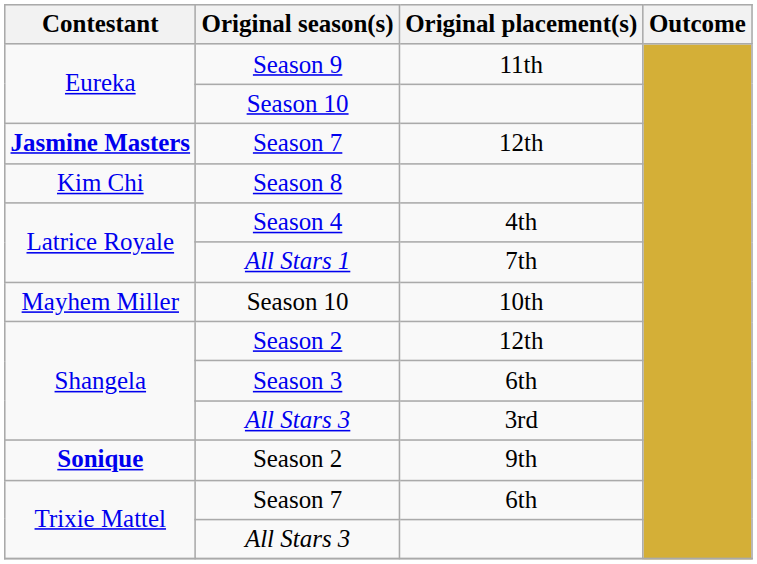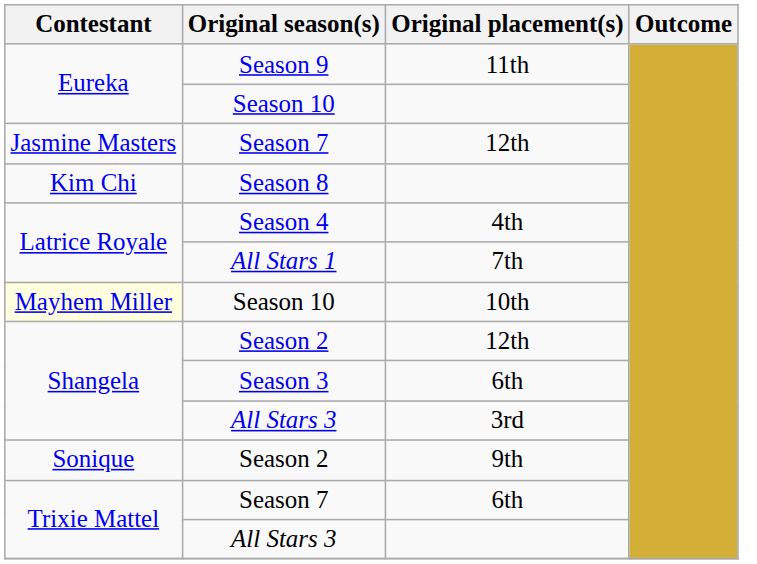 <table class="wikitable sortable" style="text-align:center;">
 <tr>
 <th>Contestant</th>
 <th>Original season(s)</th>
 <th>Original placement(s)</th>
 <th>Outcome</th>
 </tr>
 <tr>
 <td rowspan="2"><a href='#'>Eureka</a></td>
 <td><a href='#'>Season 9</a></td>
 <td>11th</td>
 <td bgcolor="#D4AF37" rowspan="13"></td>
 </tr>
 <tr>
 <td nowrap><a href='#'>Season 10</a></td>
 <td></td>
 </tr>
 <tr>
-<td nowrap><strong><a href='#'>Jasmine Masters</a></strong></td>
+<td nowrap><a href='#'>Jasmine Masters</a></td>
 <td><a href='#'>Season 7</a></td>
 <td>12th</td>
 </tr>
 <tr>
 <td><a href='#'>Kim Chi</a></td>
 <td><a href='#'>Season 8</a></td>
 <td></td>
 </tr>
 <tr>
 <td rowspan="2"><a href='#'>Latrice Royale</a></td>
 <td><a href='#'>Season 4</a></td>
 <td>4th</td>
 </tr>
 <tr>
 <td><a href='#'><em>All Stars 1</em></a></td>
 <td>7th</td>
 </tr>
 <tr>
-<td><a href='#'>Mayhem Miller</a></td>
+<td style="background: lightyellow;"><a href='#'>Mayhem Miller</a></td>
 <td>Season 10</td>
 <td>10th</td>
 </tr>
 <tr>
 <td rowspan="3"><a href='#'>Shangela</a></td>
 <td><a href='#'>Season 2</a></td>
 <td>12th</td>
 </tr>
 <tr>
 <td><a href='#'>Season 3</a></td>
 <td>6th</td>
 </tr>
 <tr>
 <td><a href='#'><em>All Stars 3</em></a></td>
 <td>3rd</td>
 </tr>
 <tr>
-<td><strong><a href='#'>Sonique</a></strong></td>
+<td><a href='#'>Sonique</a></td>
 <td>Season 2</td>
 <td>9th</td>
 </tr>
 <tr>
 <td rowspan="2"><a href='#'>Trixie Mattel</a></td>
 <td>Season 7</td>
 <td>6th</td>
 </tr>
 <tr>
 <td><em>All Stars 3</em></td>
 <td></td>
 </tr>
 <tr>
 </tr>
 </table>
